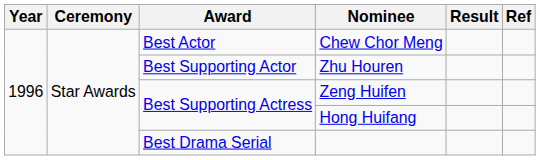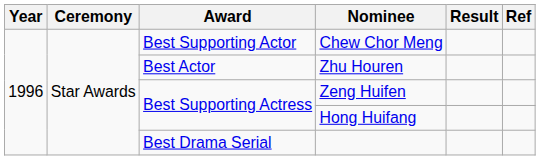 <table class="wikitable">
 <tr>
 <th>Year</th>
 <th>Ceremony</th>
 <th>Award</th>
 <th>Nominee</th>
 <th>Result</th>
 <th>Ref</th>
 </tr>
 <tr>
 <td rowspan="5">1996</td>
 <td rowspan="5">Star Awards</td>
-<td><a href='#'>Best Actor</a></td>
+<td><a href='#'>Best Supporting Actor</a></td>
 <td><a href='#'>Chew Chor Meng</a> </td>
 <td></td>
 <td></td>
 </tr>
 <tr>
-<td><a href='#'>Best Supporting Actor</a></td>
+<td><a href='#'>Best Actor</a></td>
 <td><a href='#'>Zhu Houren</a> </td>
 <td></td>
 <td></td>
 </tr>
 <tr>
 <td rowspan="2"><a href='#'>Best Supporting Actress</a></td>
 <td><a href='#'>Zeng Huifen</a> </td>
 <td></td>
 <td></td>
 </tr>
 <tr>
 <td><a href='#'>Hong Huifang</a> </td>
 <td></td>
 <td></td>
 </tr>
 <tr>
 <td><a href='#'>Best Drama Serial</a></td>
 <td></td>
 <td></td>
 <td></td>
 </tr>
 </table>
